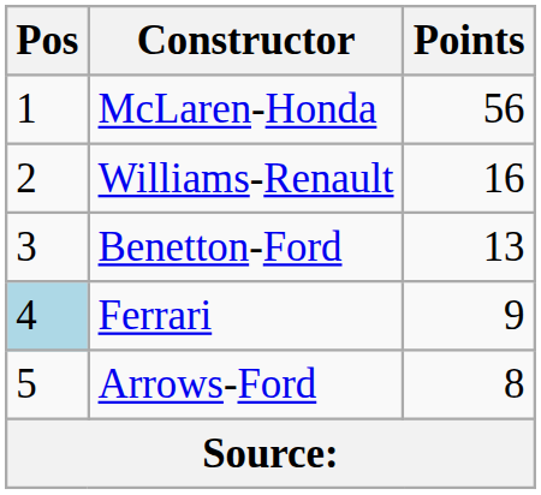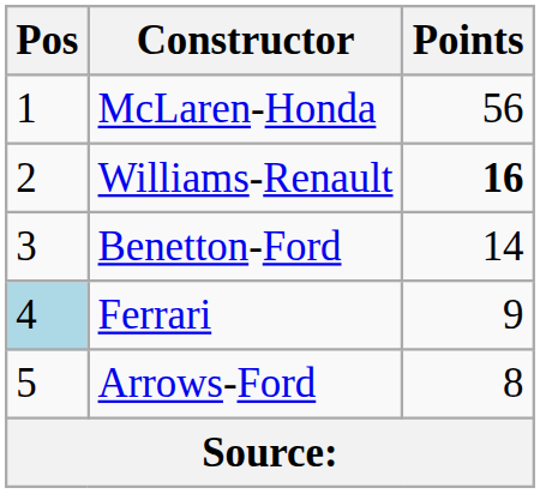 <table class="wikitable" style="font-size: 95%;">
 <tr>
 <th>Pos</th>
 <th>Constructor</th>
 <th>Points</th>
 </tr>
 <tr>
 <td>1</td>
 <td> <a href='#'>McLaren</a>-<a href='#'>Honda</a></td>
 <td align=right>56</td>
 </tr>
 <tr>
 <td>2</td>
 <td> <a href='#'>Williams</a>-<a href='#'>Renault</a></td>
-<td align=right>16</td>
+<td align=right><strong>16</strong></td>
 </tr>
 <tr>
 <td>3</td>
 <td> <a href='#'>Benetton</a>-<a href='#'>Ford</a></td>
-<td align=right>13</td>
+<td align=right>14</td>
 </tr>
 <tr>
 <td style="background: lightblue;">4</td>
 <td> <a href='#'>Ferrari</a></td>
 <td align=right>9</td>
 </tr>
 <tr>
 <td>5</td>
 <td> <a href='#'>Arrows</a>-<a href='#'>Ford</a></td>
 <td align=right>8</td>
 </tr>
 <tr>
 <th colspan=4>Source:</th>
 </tr>
 </table>
